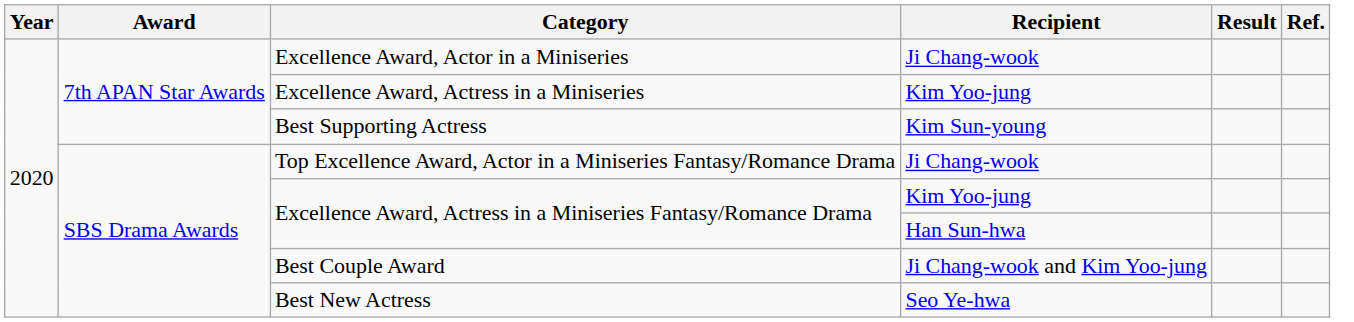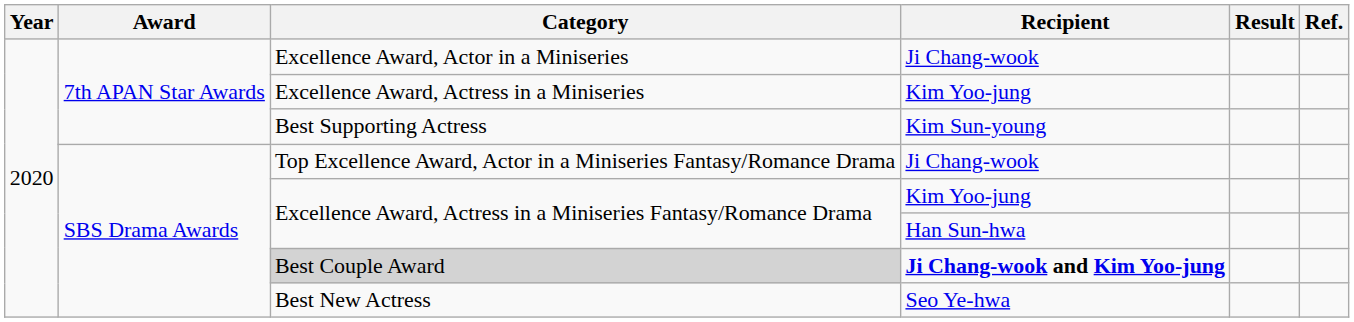 <table class="wikitable">
 <tr>
 <th>Year</th>
 <th>Award</th>
 <th>Category</th>
 <th>Recipient</th>
 <th>Result</th>
 <th>Ref.</th>
 </tr>
 <tr>
 <td rowspan="8">2020</td>
 <td rowspan="3"><a href='#'>7th APAN Star Awards</a></td>
 <td>Excellence Award, Actor in a Miniseries</td>
 <td><a href='#'>Ji Chang-wook</a></td>
 <td></td>
 <td></td>
 </tr>
 <tr>
 <td>Excellence Award, Actress in a Miniseries</td>
 <td><a href='#'>Kim Yoo-jung</a></td>
 <td></td>
 <td></td>
 </tr>
 <tr>
 <td>Best Supporting Actress</td>
 <td><a href='#'>Kim Sun-young</a></td>
 <td></td>
 <td></td>
 </tr>
 <tr>
 <td rowspan="5"><a href='#'>SBS Drama Awards</a></td>
 <td>Top Excellence Award, Actor in a Miniseries Fantasy/Romance Drama</td>
 <td><a href='#'>Ji Chang-wook</a></td>
 <td></td>
 <td></td>
 </tr>
 <tr>
 <td rowspan="2">Excellence Award, Actress in a Miniseries Fantasy/Romance Drama</td>
 <td><a href='#'>Kim Yoo-jung</a></td>
 <td></td>
 <td></td>
 </tr>
 <tr>
 <td><a href='#'>Han Sun-hwa</a></td>
 <td></td>
 <td></td>
 </tr>
 <tr>
-<td>Best Couple Award</td>
-<td><a href='#'>Ji Chang-wook</a> and <a href='#'>Kim Yoo-jung</a></td>
+<td style="background: lightgrey;">Best Couple Award</td>
+<td><strong><a href='#'>Ji Chang-wook</a> and <a href='#'>Kim Yoo-jung</a></strong></td>
 <td></td>
 <td></td>
 </tr>
 <tr>
 <td>Best New Actress</td>
 <td><a href='#'>Seo Ye-hwa</a></td>
 <td></td>
 <td></td>
 </tr>
 </table>
